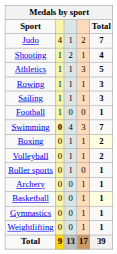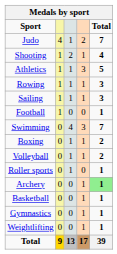 <table class="wikitable" style="font-size:85%; float:right;">
 <tr style="background:#efefef;">
 <th colspan=7><strong>Medals by sport</strong></th>
 </tr>
 <tr align=center>
 <td><strong>Sport</strong></td>
 <td bgcolor=#f7f6a8></td>
 <td bgcolor=#dce5e5></td>
 <td bgcolor=#ffdab9></td>
 <td><strong>Total</strong></td>
 </tr>
 <tr align=center>
 <td><a href='#'>Judo</a></td>
 <td style="background:#F7F6A8;">4</td>
 <td style="background:#DCE5E5;">1</td>
 <td style="background:#FFDAB9;">2</td>
 <td><strong>7</strong></td>
 </tr>
 <tr align=center>
 <td><a href='#'>Shooting</a></td>
 <td style="background:#F7F6A8;">1</td>
 <td style="background:#DCE5E5;">2</td>
 <td style="background:#FFDAB9;">1</td>
 <td><strong>4</strong></td>
 </tr>
 <tr align=center>
 <td><a href='#'>Athletics</a></td>
 <td style="background:#F7F6A8;">1</td>
 <td style="background:#DCE5E5;">1</td>
 <td style="background:#FFDAB9;">3</td>
 <td><strong>5</strong></td>
 </tr>
 <tr align=center>
 <td><a href='#'>Rowing</a></td>
 <td style="background:#F7F6A8;">1</td>
 <td style="background:#DCE5E5;">1</td>
 <td style="background:#FFDAB9;">1</td>
 <td><strong>3</strong></td>
 </tr>
 <tr align=center>
 <td><a href='#'>Sailing</a></td>
 <td style="background:#F7F6A8;">1</td>
 <td style="background:#DCE5E5;">1</td>
 <td style="background:#FFDAB9;">1</td>
 <td><strong>3</strong></td>
 </tr>
 <tr align=center>
 <td><a href='#'>Football</a></td>
 <td style="background:#F7F6A8;">1</td>
 <td style="background:#DCE5E5;">0</td>
 <td style="background:#FFDAB9;">0</td>
 <td><strong>1</strong></td>
 </tr>
 <tr align=center>
 <td><a href='#'>Swimming</a></td>
-<td style="background:#F7F6A8;"><strong>0</strong></td>
+<td style="background:#F7F6A8;">0</td>
 <td style="background:#DCE5E5;">4</td>
 <td style="background:#FFDAB9;">3</td>
 <td><strong>7</strong></td>
 </tr>
 <tr align=center>
 <td><a href='#'>Boxing</a></td>
 <td style="background:#F7F6A8;">0</td>
 <td style="background:#DCE5E5;">1</td>
 <td style="background:#FFDAB9;">1</td>
-<td style="background: lightyellow;"><strong>2</strong></td>
+<td><strong>2</strong></td>
 </tr>
 <tr align=center>
 <td><a href='#'>Volleyball</a></td>
 <td style="background:#F7F6A8;">0</td>
 <td style="background:#DCE5E5;">1</td>
 <td style="background:#FFDAB9;">1</td>
 <td><strong>2</strong></td>
 </tr>
 <tr align=center>
 <td><a href='#'>Roller sports</a></td>
 <td style="background:#F7F6A8;">0</td>
 <td style="background:#DCE5E5;">1</td>
 <td style="background:#FFDAB9;">0</td>
 <td><strong>1</strong></td>
 </tr>
 <tr align=center>
 <td><a href='#'>Archery</a></td>
 <td style="background:#F7F6A8;">0</td>
 <td style="background:#DCE5E5;">0</td>
 <td style="background:#FFDAB9;">1</td>
-<td><strong>1</strong></td>
+<td style="background: lightgreen;"><strong>1</strong></td>
 </tr>
 <tr align=center>
 <td><a href='#'>Basketball</a></td>
 <td style="background:#F7F6A8;">0</td>
 <td style="background:#DCE5E5;">0</td>
 <td style="background:#FFDAB9;">1</td>
-<td style="background: lightyellow;"><strong>1</strong></td>
+<td><strong>1</strong></td>
 </tr>
 <tr align=center>
 <td><a href='#'>Gymnastics</a></td>
 <td style="background:#F7F6A8;">0</td>
 <td style="background:#DCE5E5;">0</td>
 <td style="background:#FFDAB9;">1</td>
 <td><strong>1</strong></td>
 </tr>
 <tr align=center>
 <td><a href='#'>Weightlifting</a></td>
 <td style="background:#F7F6A8;">0</td>
 <td style="background:#DCE5E5;">0</td>
 <td style="background:#FFDAB9;">1</td>
 <td><strong>1</strong></td>
 </tr>
 <tr align=center>
 <td><strong>Total</strong></td>
 <th style="background:gold;"><strong>9</strong></th>
 <th style="background:silver;"><strong>13</strong></th>
 <th style="background:#c96;"><strong>17</strong></th>
 <th><strong>39</strong></th>
 </tr>
 </table>
